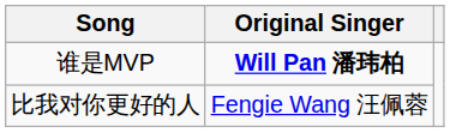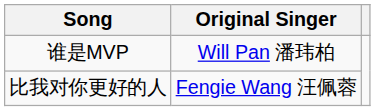 <table class="wikitable" style="text-align:center;">
 <tr>
 <th>Song</th>
 <th>Original Singer</th>
 <th></th>
 </tr>
 <tr>
 <td>谁是MVP</td>
-<td><strong><a href='#'>Will Pan</a> 潘玮柏</strong></td>
+<td><a href='#'>Will Pan</a> 潘玮柏</td>
 </tr>
 <tr>
 <td>比我对你更好的人</td>
 <td><a href='#'>Fengie Wang</a> 汪佩蓉</td>
 </tr>
 </table>
